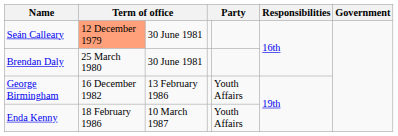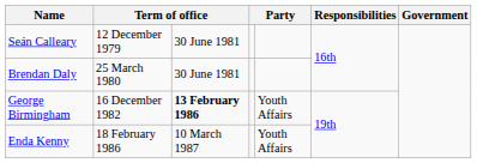 <table class="wikitable">
 <tr>
 <th>Name</th>
 <th colspan="2">Term of office</th>
 <th colspan="2">Party</th>
 <th>Responsibilities</th>
 <th>Government</th>
 </tr>
 <tr>
 <td><a href='#'>Seán Calleary</a></td>
-<td style="background: lightsalmon;">12 December 1979</td>
+<td>12 December 1979</td>
 <td>30 June 1981</td>
 <td></td>
 <td></td>
 <td rowspan=2><a href='#'>16th</a></td>
 </tr>
 <tr>
 <td><a href='#'>Brendan Daly</a></td>
 <td>25 March 1980</td>
 <td>30 June 1981</td>
 <td></td>
 <td></td>
 </tr>
 <tr>
 <td><a href='#'>George Birmingham</a></td>
 <td>16 December 1982</td>
-<td>13 February 1986</td>
+<td><strong>13 February 1986</strong></td>
 <td></td>
 <td>Youth Affairs</td>
 <td rowspan=2><a href='#'>19th</a></td>
 </tr>
 <tr>
 <td><a href='#'>Enda Kenny</a></td>
 <td>18 February 1986</td>
 <td>10 March 1987</td>
 <td></td>
 <td>Youth Affairs</td>
 </tr>
 </table>
